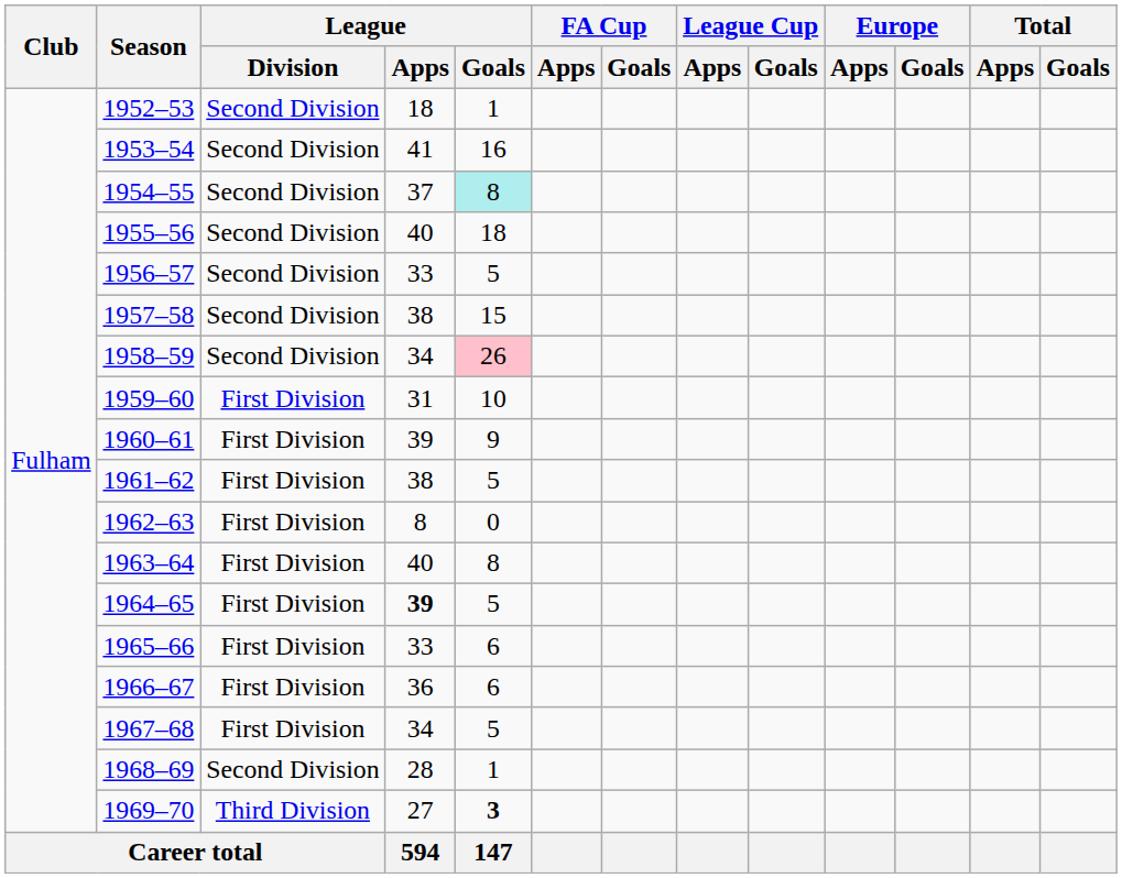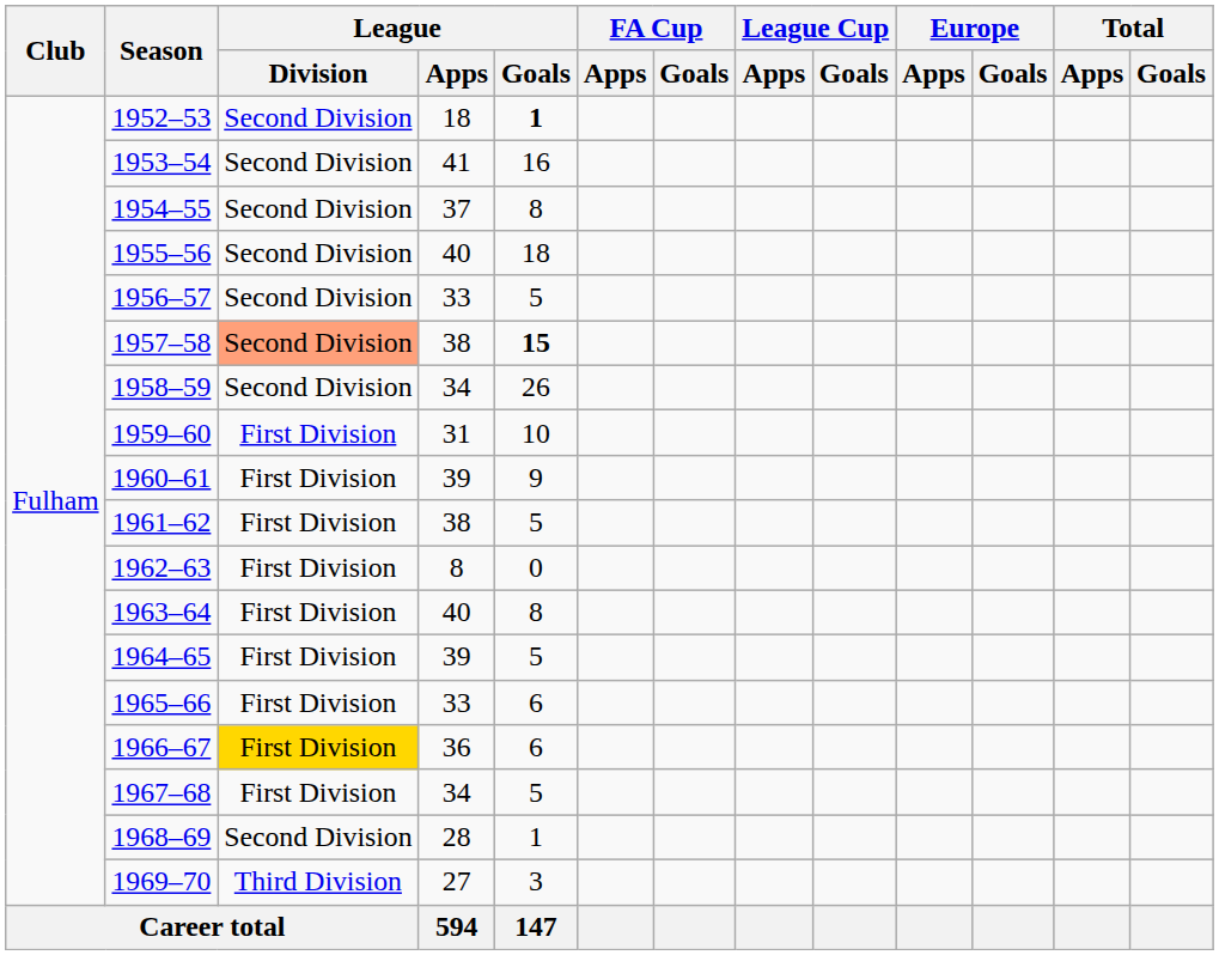 <table class="wikitable" style="text-align:center">
 <tr>
 <th rowspan="2">Club</th>
 <th rowspan="2">Season</th>
 <th colspan="3">League</th>
 <th colspan="2"><a href='#'>FA Cup</a></th>
 <th colspan="2"><a href='#'>League Cup</a></th>
 <th colspan="2"><a href='#'>Europe</a></th>
 <th colspan="2">Total</th>
 </tr>
 <tr>
 <th>Division</th>
 <th>Apps</th>
 <th>Goals</th>
 <th>Apps</th>
 <th>Goals</th>
 <th>Apps</th>
 <th>Goals</th>
 <th>Apps</th>
 <th>Goals</th>
 <th>Apps</th>
 <th>Goals</th>
 </tr>
 <tr>
 <td rowspan="18"><a href='#'>Fulham</a></td>
 <td><a href='#'>1952–53</a></td>
 <td><a href='#'>Second Division</a></td>
 <td>18</td>
-<td>1</td>
+<td><strong>1</strong></td>
 <td></td>
 <td></td>
 <td></td>
 <td></td>
 <td></td>
 <td></td>
 <td></td>
 <td></td>
 </tr>
 <tr>
 <td><a href='#'>1953–54</a></td>
 <td>Second Division</td>
 <td>41</td>
 <td>16</td>
 <td></td>
 <td></td>
 <td></td>
 <td></td>
 <td></td>
 <td></td>
 <td></td>
 <td></td>
 </tr>
 <tr>
 <td><a href='#'>1954–55</a></td>
 <td>Second Division</td>
 <td>37</td>
-<td style="background: paleturquoise;">8</td>
+<td>8</td>
 <td></td>
 <td></td>
 <td></td>
 <td></td>
 <td></td>
 <td></td>
 <td></td>
 <td></td>
 </tr>
 <tr>
 <td><a href='#'>1955–56</a></td>
 <td>Second Division</td>
 <td>40</td>
 <td>18</td>
 <td></td>
 <td></td>
 <td></td>
 <td></td>
 <td></td>
 <td></td>
 <td></td>
 <td></td>
 </tr>
 <tr>
 <td><a href='#'>1956–57</a></td>
 <td>Second Division</td>
 <td>33</td>
 <td>5</td>
 <td></td>
 <td></td>
 <td></td>
 <td></td>
 <td></td>
 <td></td>
 <td></td>
 <td></td>
 </tr>
 <tr>
 <td><a href='#'>1957–58</a></td>
-<td>Second Division</td>
+<td style="background: lightsalmon;">Second Division</td>
 <td>38</td>
-<td>15</td>
+<td><strong>15</strong></td>
 <td></td>
 <td></td>
 <td></td>
 <td></td>
 <td></td>
 <td></td>
 <td></td>
 <td></td>
 </tr>
 <tr>
 <td><a href='#'>1958–59</a></td>
 <td>Second Division</td>
 <td>34</td>
-<td style="background: pink;">26</td>
+<td>26</td>
 <td></td>
 <td></td>
 <td></td>
 <td></td>
 <td></td>
 <td></td>
 <td></td>
 <td></td>
 </tr>
 <tr>
 <td><a href='#'>1959–60</a></td>
 <td><a href='#'>First Division</a></td>
 <td>31</td>
 <td>10</td>
 <td></td>
 <td></td>
 <td></td>
 <td></td>
 <td></td>
 <td></td>
 <td></td>
 <td></td>
 </tr>
 <tr>
 <td><a href='#'>1960–61</a></td>
 <td>First Division</td>
 <td>39</td>
 <td>9</td>
 <td></td>
 <td></td>
 <td></td>
 <td></td>
 <td></td>
 <td></td>
 <td></td>
 <td></td>
 </tr>
 <tr>
 <td><a href='#'>1961–62</a></td>
 <td>First Division</td>
 <td>38</td>
 <td>5</td>
 <td></td>
 <td></td>
 <td></td>
 <td></td>
 <td></td>
 <td></td>
 <td></td>
 <td></td>
 </tr>
 <tr>
 <td><a href='#'>1962–63</a></td>
 <td>First Division</td>
 <td>8</td>
 <td>0</td>
 <td></td>
 <td></td>
 <td></td>
 <td></td>
 <td></td>
 <td></td>
 <td></td>
 <td></td>
 </tr>
 <tr>
 <td><a href='#'>1963–64</a></td>
 <td>First Division</td>
 <td>40</td>
 <td>8</td>
 <td></td>
 <td></td>
 <td></td>
 <td></td>
 <td></td>
 <td></td>
 <td></td>
 <td></td>
 </tr>
 <tr>
 <td><a href='#'>1964–65</a></td>
 <td>First Division</td>
-<td><strong>39</strong></td>
+<td>39</td>
 <td>5</td>
 <td></td>
 <td></td>
 <td></td>
 <td></td>
 <td></td>
 <td></td>
 <td></td>
 <td></td>
 </tr>
 <tr>
 <td><a href='#'>1965–66</a></td>
 <td>First Division</td>
 <td>33</td>
 <td>6</td>
 <td></td>
 <td></td>
 <td></td>
 <td></td>
 <td></td>
 <td></td>
 <td></td>
 <td></td>
 </tr>
 <tr>
 <td><a href='#'>1966–67</a></td>
-<td>First Division</td>
+<td style="background: gold;">First Division</td>
 <td>36</td>
 <td>6</td>
 <td></td>
 <td></td>
 <td></td>
 <td></td>
 <td></td>
 <td></td>
 <td></td>
 <td></td>
 </tr>
 <tr>
 <td><a href='#'>1967–68</a></td>
 <td>First Division</td>
 <td>34</td>
 <td>5</td>
 <td></td>
 <td></td>
 <td></td>
 <td></td>
 <td></td>
 <td></td>
 <td></td>
 <td></td>
 </tr>
 <tr>
 <td><a href='#'>1968–69</a></td>
 <td>Second Division</td>
 <td>28</td>
 <td>1</td>
 <td></td>
 <td></td>
 <td></td>
 <td></td>
 <td></td>
 <td></td>
 <td></td>
 <td></td>
 </tr>
 <tr>
 <td><a href='#'>1969–70</a></td>
 <td><a href='#'>Third Division</a></td>
 <td>27</td>
-<td><strong>3</strong></td>
+<td>3</td>
 <td></td>
 <td></td>
 <td></td>
 <td></td>
 <td></td>
 <td></td>
 <td></td>
 <td></td>
 </tr>
 <tr>
 <th colspan="3">Career total</th>
 <th>594</th>
 <th>147</th>
 <th></th>
 <th></th>
 <th></th>
 <th></th>
 <th></th>
 <th></th>
 <th></th>
 <th></th>
 </tr>
 </table>
